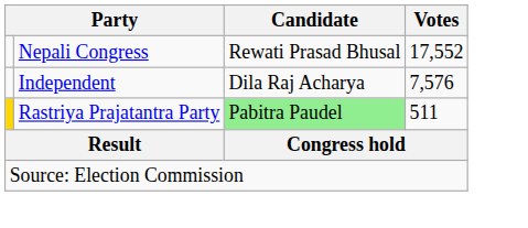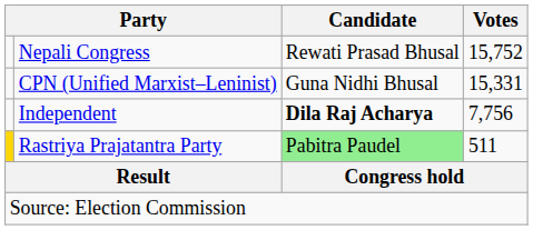 <table class="wikitable">
 <tr>
 <th colspan="2">Party</th>
 <th>Candidate</th>
 <th>Votes</th>
 </tr>
 <tr>
 <td style="background-color:"></td>
 <td><a href='#'>Nepali Congress</a></td>
 <td>Rewati Prasad Bhusal</td>
-<td>17,552</td>
+<td>15,752</td>
+</tr>
+<tr>
+<td style="background-color:"></td>
+<td><a href='#'>CPN (Unified Marxist–Leninist)</a></td>
+<td>Guna Nidhi Bhusal</td>
+<td>15,331</td>
 </tr>
 <tr>
 <td style="background-color:"></td>
 <td><a href='#'>Independent</a></td>
-<td>Dila Raj Acharya</td>
-<td>7,576</td>
+<td><strong>Dila Raj Acharya</strong></td>
+<td>7,756</td>
 </tr>
 <tr>
 <td style="background-color:gold"></td>
 <td><a href='#'>Rastriya Prajatantra Party</a></td>
 <td style="background: lightgreen;">Pabitra Paudel</td>
 <td>511</td>
 </tr>
 <tr>
 <th colspan="2">Result</th>
 <th colspan="2">Congress hold</th>
 </tr>
 <tr>
 <td colspan="4">Source: Election Commission</td>
 </tr>
 </table>
